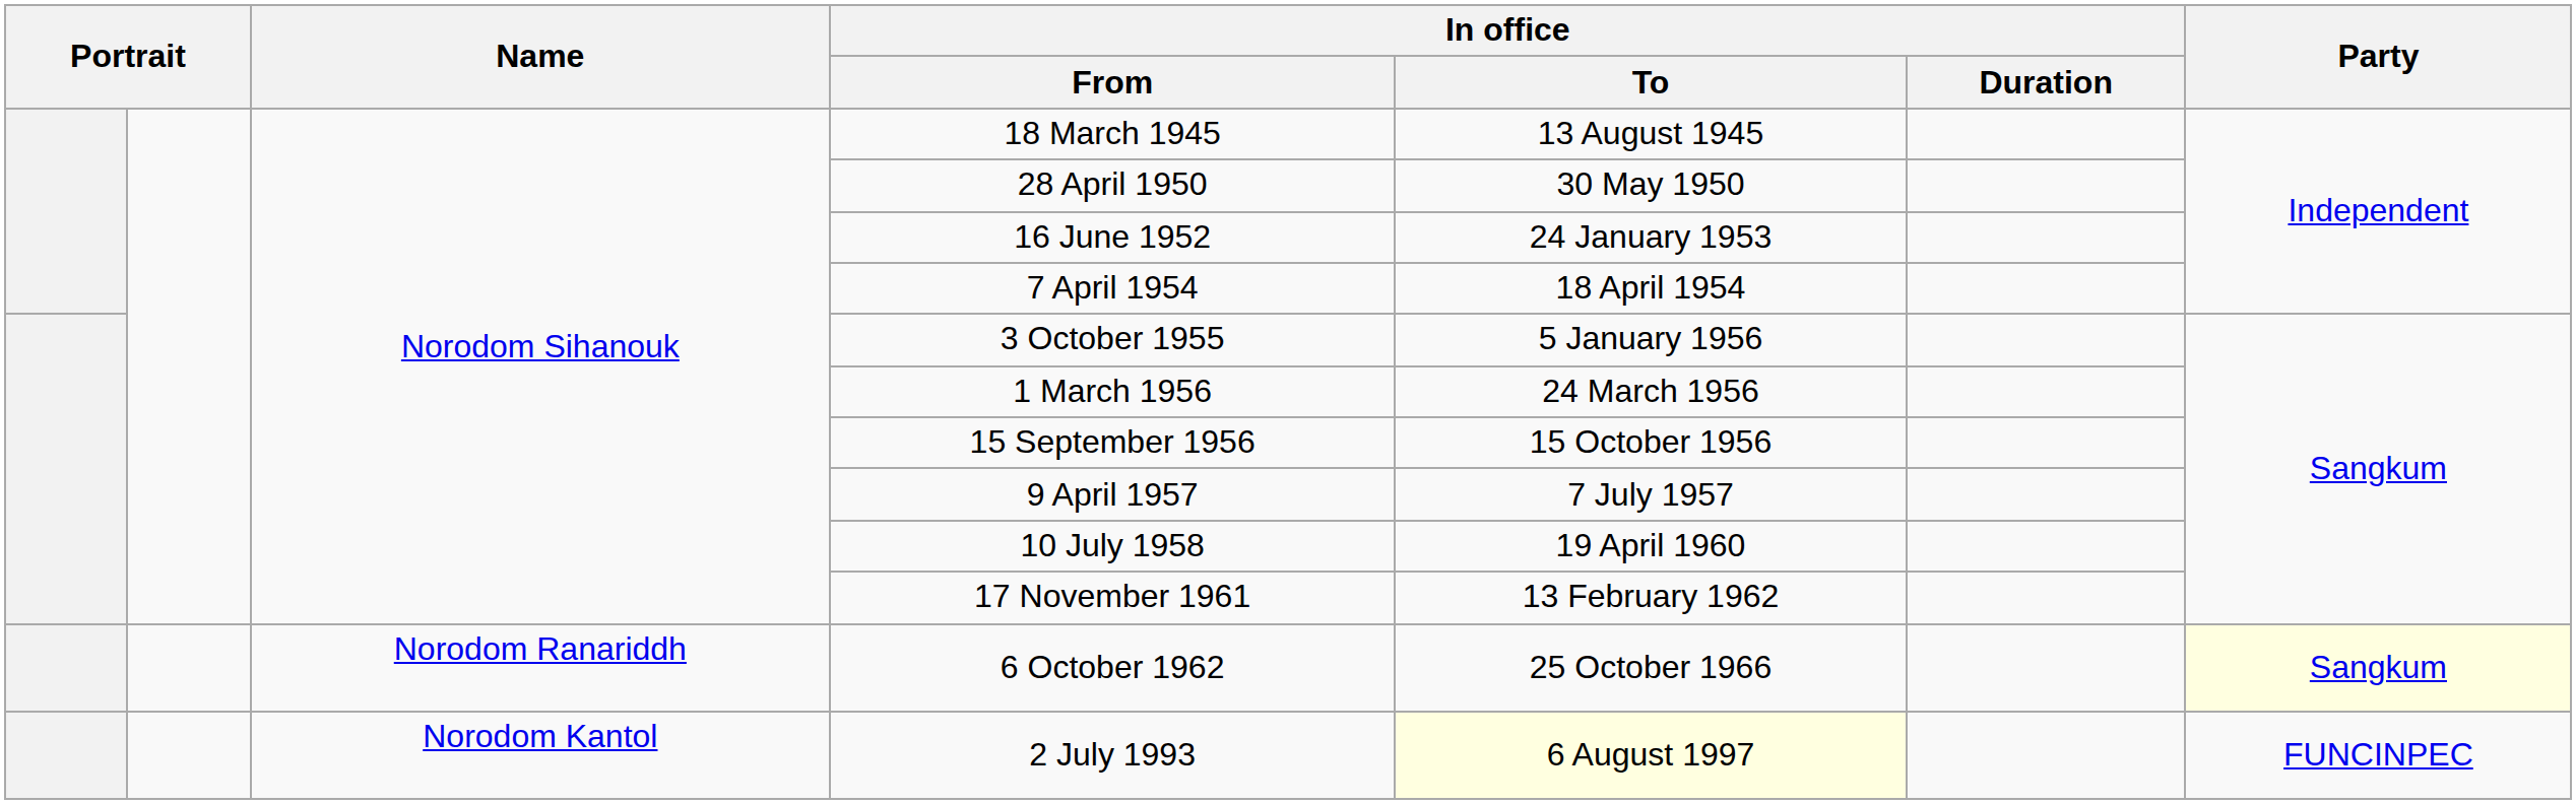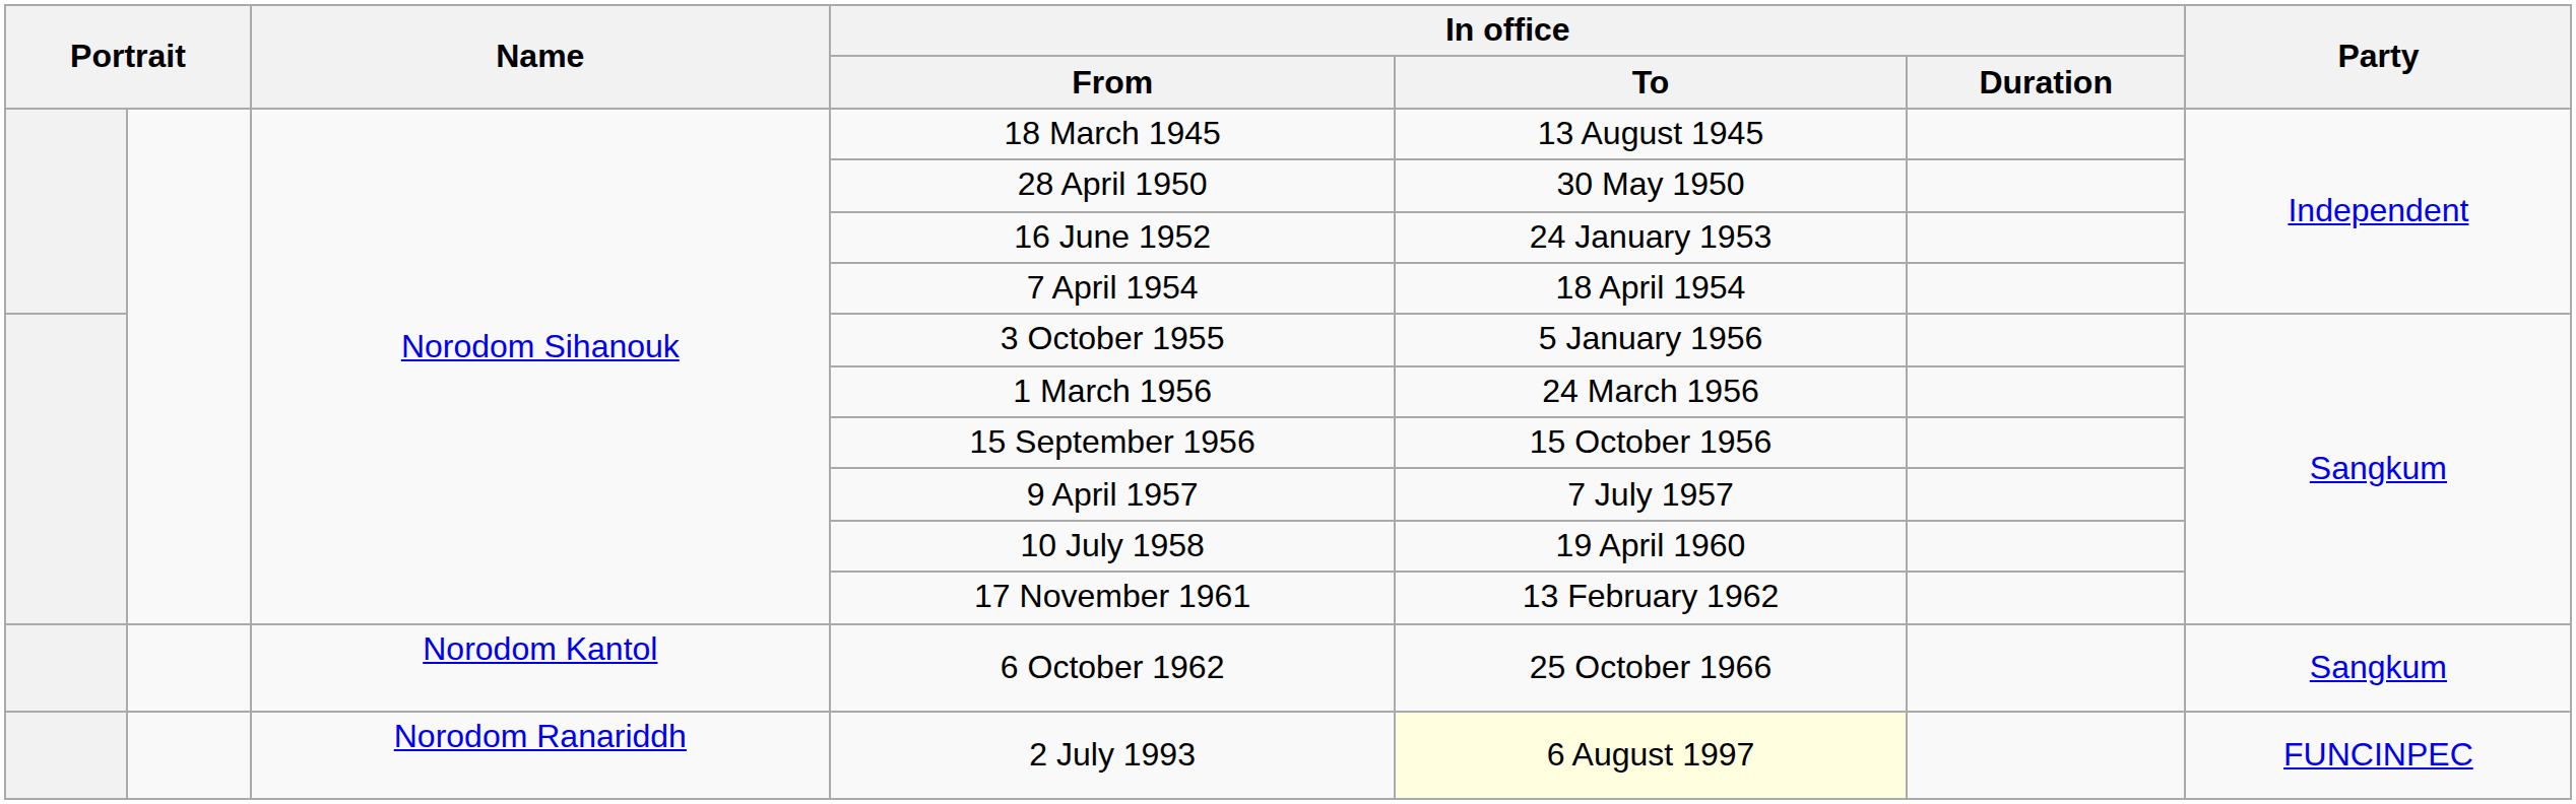 <table class="wikitable sortable" style="text-align:center; font-size:100%; width:100%">
 <tr>
 <th rowspan="2" colspan="2">Portrait</th>
 <th rowspan="2">Name</th>
 <th colspan="3">In office</th>
 <th rowspan="2">Party</th>
 </tr>
 <tr>
 <th>From</th>
 <th>To</th>
 <th>Duration</th>
 </tr>
 <tr>
 <th rowspan="4" style="background:"></th>
 <td rowspan="10"></td>
 <td rowspan="10"><a href='#'>Norodom Sihanouk</a><br><br></td>
 <td>18 March 1945</td>
 <td>13 August 1945</td>
 <td></td>
 <td rowspan="4"><a href='#'>Independent</a></td>
 </tr>
 <tr>
 <td>28 April 1950</td>
 <td>30 May 1950</td>
 <td></td>
 </tr>
 <tr>
 <td>16 June 1952</td>
 <td>24 January 1953</td>
 <td></td>
 </tr>
 <tr>
 <td>7 April 1954</td>
 <td>18 April 1954</td>
 <td></td>
 </tr>
 <tr>
 <th rowspan="6" style="background:"></th>
 <td>3 October 1955</td>
 <td>5 January 1956</td>
 <td></td>
 <td rowspan="6"><a href='#'>Sangkum</a></td>
 </tr>
 <tr>
 <td>1 March 1956</td>
 <td>24 March 1956</td>
 <td></td>
 </tr>
 <tr>
 <td>15 September 1956</td>
 <td>15 October 1956</td>
 <td></td>
 </tr>
 <tr>
 <td>9 April 1957</td>
 <td>7 July 1957</td>
 <td></td>
 </tr>
 <tr>
 <td>10 July 1958</td>
 <td>19 April 1960</td>
 <td></td>
 </tr>
 <tr>
 <td>17 November 1961</td>
 <td>13 February 1962</td>
 <td></td>
 </tr>
 <tr>
 <th style="background:"></th>
 <td></td>
-<td><a href='#'>Norodom Ranariddh</a><br><br></td>
+<td><a href='#'>Norodom Kantol</a><br><br></td>
 <td>6 October 1962</td>
 <td>25 October 1966</td>
 <td></td>
-<td style="background: lightyellow;"><a href='#'>Sangkum</a></td>
+<td><a href='#'>Sangkum</a></td>
 </tr>
 <tr>
 <th style="background:"></th>
 <td></td>
-<td><a href='#'>Norodom Kantol</a><br><br></td>
+<td><a href='#'>Norodom Ranariddh</a><br><br></td>
 <td>2 July 1993</td>
 <td style="background: lightyellow;">6 August 1997</td>
 <td></td>
 <td><a href='#'>FUNCINPEC</a></td>
 </tr>
 <tr>
 </tr>
 </table>
